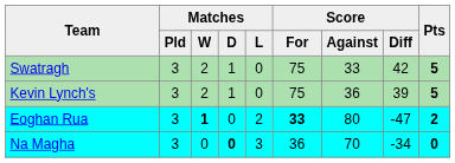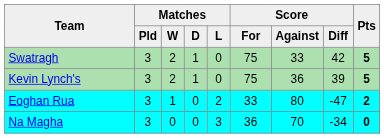 <table style=border-collapse:collapse border=1 cellspacing=0 cellpadding=5>
 <tr align=center bgcolor=#efefef>
 <th rowspan=2 width=165>Team</th>
 <th colspan=4>Matches</th>
 <th colspan=3>Score</th>
 <th rowspan=2width=20>Pts</th>
 </tr>
 <tr align=center bgcolor=#efefef>
 <th width=20>Pld</th>
 <th width=20>W</th>
 <th width=20>D</th>
 <th width=20>L</th>
 <th width=45>For</th>
 <th width=45>Against</th>
 <th width=30>Diff</th>
 </tr>
 <tr align=center style="background:#ACE1AF;">
 <td style="text-align:left;"><a href='#'>Swatragh</a></td>
 <td>3</td>
 <td>2</td>
 <td>1</td>
 <td>0</td>
 <td>75</td>
 <td>33</td>
 <td>42</td>
 <td><strong>5</strong></td>
 </tr>
 <tr align=center style="background:#ACE1AF;">
 <td style="text-align:left;"><a href='#'>Kevin Lynch's</a></td>
 <td>3</td>
 <td>2</td>
 <td>1</td>
 <td>0</td>
 <td>75</td>
 <td>36</td>
 <td>39</td>
 <td><strong>5</strong></td>
 </tr>
 <tr align=center style="background:#00FFFF;">
 <td style="text-align:left;"><a href='#'>Eoghan Rua</a></td>
 <td>3</td>
-<td><strong>1</strong></td>
+<td>1</td>
 <td>0</td>
 <td>2</td>
-<td><strong>33</strong></td>
+<td>33</td>
 <td>80</td>
 <td>-47</td>
 <td><strong>2</strong></td>
 </tr>
 <tr align=center style="background:#00FFFF;">
 <td style="text-align:left;"><a href='#'>Na Magha</a></td>
 <td>3</td>
 <td>0</td>
-<td><strong>0</strong></td>
+<td>0</td>
 <td>3</td>
 <td>36</td>
 <td>70</td>
 <td>-34</td>
 <td><strong>0</strong></td>
 </tr>
 </table>
